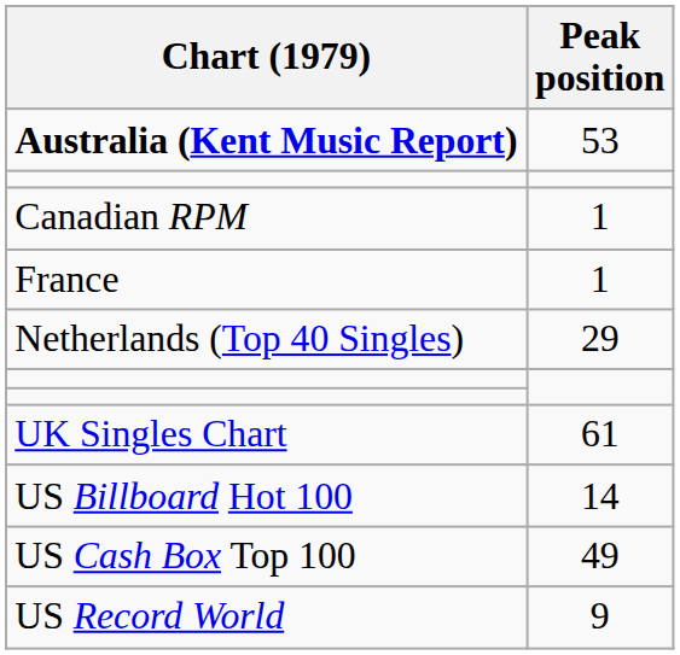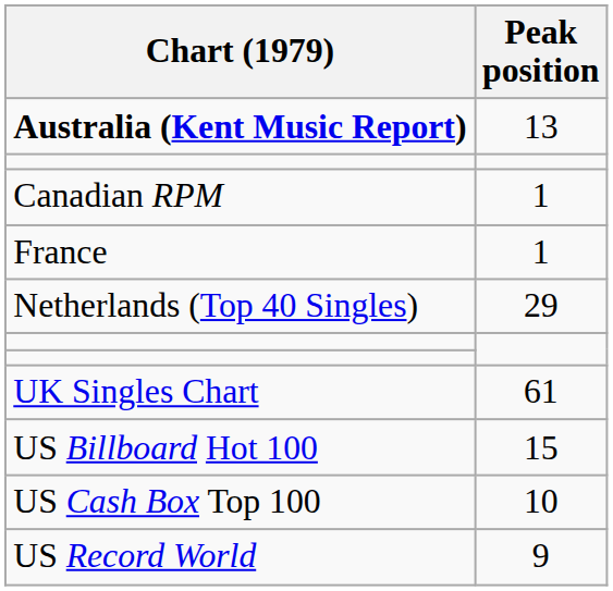 <table class="wikitable sortable">
 <tr>
 <th align="left">Chart (1979)</th>
 <th align="left">Peak<br>position</th>
 </tr>
 <tr>
 <td align="left"><strong>Australia (<a href='#'>Kent Music Report</a>)</strong></td>
-<td style="text-align:center;">53</td>
+<td style="text-align:center;">13</td>
 </tr>
 <tr>
 <td></td>
 </tr>
 <tr>
 <td align="left">Canadian <em>RPM</em> </td>
 <td style="text-align:center;">1</td>
 </tr>
 <tr>
 <td align="left">France </td>
 <td style="text-align:center;">1</td>
 </tr>
 <tr>
 <td align="left">Netherlands (<a href='#'>Top 40 Singles</a>)</td>
 <td style="text-align:center;">29</td>
 </tr>
 <tr>
 <td></td>
 </tr>
 <tr>
 <td></td>
 </tr>
 <tr>
 <td align="left"><a href='#'>UK Singles Chart</a></td>
 <td style="text-align:center;">61</td>
 </tr>
 <tr>
 <td align="left">US <em><a href='#'>Billboard</a></em> <a href='#'>Hot 100</a></td>
-<td style="text-align:center;">14</td>
+<td style="text-align:center;">15</td>
 </tr>
 <tr>
 <td align="left">US <em><a href='#'>Cash Box</a></em> Top 100</td>
-<td style="text-align:center;">49</td>
+<td style="text-align:center;">10</td>
 </tr>
 <tr>
 <td align="left">US <em><a href='#'>Record World</a></em> </td>
 <td style="text-align:center;">9</td>
 </tr>
 </table>
